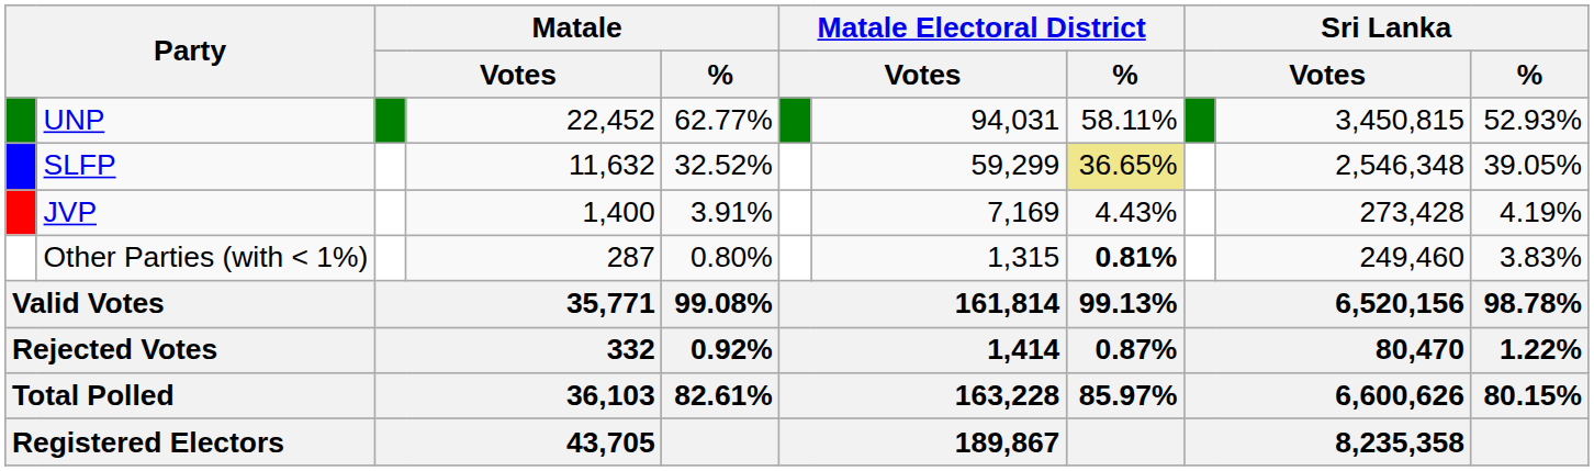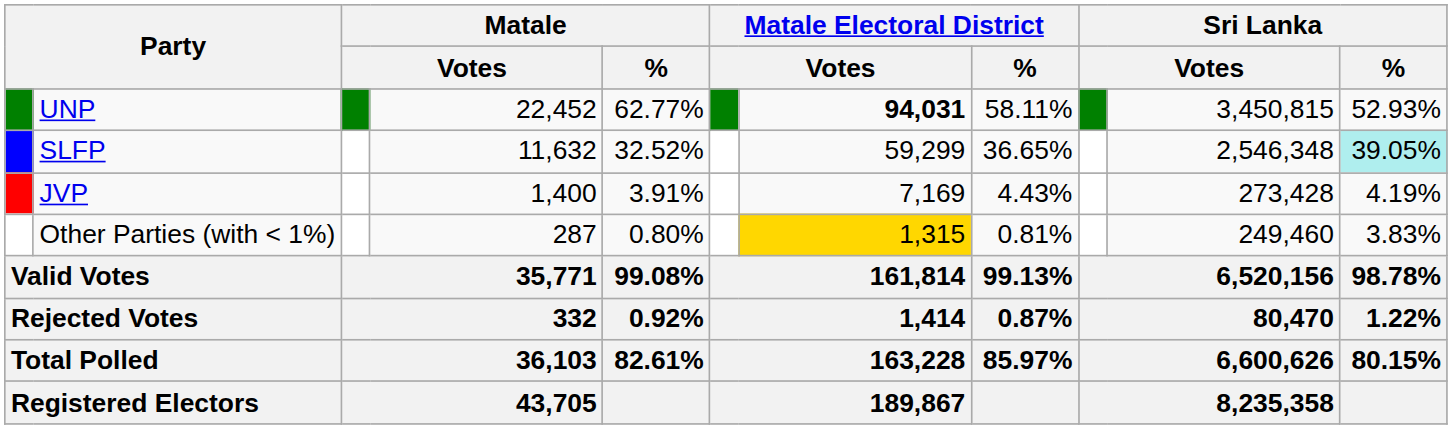 <table class="wikitable">
 <tr>
 <th colspan="2" width="144px"rowspan="2">Party</th>
 <th colspan="3" width="216px">Matale</th>
 <th colspan="3" width="216px"><a href='#'>Matale Electoral District</a></th>
 <th colspan="3" width="216px">Sri Lanka</th>
 </tr>
 <tr>
 <th colspan="2" width="144px">Votes</th>
 <th>%</th>
 <th colspan="2" width="144px">Votes</th>
 <th>%</th>
 <th colspan="2" width="144px">Votes</th>
 <th>%</th>
 </tr>
 <tr>
 <td style="background-color:green;" width="10px"></td>
 <td style="text-align:left;"><a href='#'>UNP</a></td>
 <td style="background-color:green;" width="10px"></td>
 <td style="text-align:right;">22,452</td>
 <td style="text-align:right;">62.77%</td>
 <td style="background-color:green;" width="10px"></td>
-<td style="text-align:right;">94,031</td>
+<td style="text-align:right;"><strong>94,031</strong></td>
 <td style="text-align:right;">58.11%</td>
 <td style="background-color:green;" width="10px"></td>
 <td style="text-align:right;">3,450,815</td>
 <td style="text-align:right;">52.93%</td>
 </tr>
 <tr>
 <td style="background-color:blue;" width="10px"></td>
 <td style="text-align:left;"><a href='#'>SLFP</a></td>
 <td style="background-color:white;" width="10px"></td>
 <td style="text-align:right;">11,632</td>
 <td style="text-align:right;">32.52%</td>
 <td style="background-color:white;" width="10px"></td>
 <td style="text-align:right;">59,299</td>
-<td style="background: khaki; text-align:right;">36.65%</td>
+<td style="text-align:right;">36.65%</td>
 <td style="background-color:white;" width="10px"></td>
 <td style="text-align:right;">2,546,348</td>
-<td style="text-align:right;">39.05%</td>
+<td style="background: paleturquoise; text-align:right;">39.05%</td>
 </tr>
 <tr>
 <td style="background-color:red;" width="10px"></td>
 <td style="text-align:left;"><a href='#'>JVP</a></td>
 <td style="background-color:white;" width="10px"></td>
 <td style="text-align:right;">1,400</td>
 <td style="text-align:right;">3.91%</td>
 <td style="background-color:white;" width="10px"></td>
 <td style="text-align:right;">7,169</td>
 <td style="text-align:right;">4.43%</td>
 <td style="background-color:white;" width="10px"></td>
 <td style="text-align:right;">273,428</td>
 <td style="text-align:right;">4.19%</td>
 </tr>
 <tr>
 <td style="background-color:white;" width="10px"></td>
 <td style="text-align:left;">Other Parties (with < 1%)</td>
 <td style="background-color:white;" width="10px"></td>
 <td style="text-align:right;">287</td>
 <td style="text-align:right;">0.80%</td>
 <td style="background-color:white;" width="10px"></td>
-<td style="text-align:right;">1,315</td>
-<td style="text-align:right;"><strong>0.81%</strong></td>
+<td style="background: gold; text-align:right;">1,315</td>
+<td style="text-align:right;">0.81%</td>
 <td style="background-color:white;" width="10px"></td>
 <td style="text-align:right;">249,460</td>
 <td style="text-align:right;">3.83%</td>
 </tr>
 <tr>
 <th colspan="2" width="144px"style="text-align:left;">Valid Votes</th>
 <th style="text-align:right;"colspan="2" width="144px">35,771</th>
 <th style="text-align:right;">99.08%</th>
 <th style="text-align:right;"colspan="2" width="144px">161,814</th>
 <th style="text-align:right;">99.13%</th>
 <th style="text-align:right;"colspan="2" width="144px">6,520,156</th>
 <th style="text-align:right;">98.78%</th>
 </tr>
 <tr>
 <th colspan="2" width="144px"style="text-align:left;">Rejected Votes</th>
 <th style="text-align:right;"colspan="2" width="144px">332</th>
 <th style="text-align:right;">0.92%</th>
 <th style="text-align:right;"colspan="2" width="144px">1,414</th>
 <th style="text-align:right;">0.87%</th>
 <th style="text-align:right;"colspan="2" width="144px">80,470</th>
 <th style="text-align:right;">1.22%</th>
 </tr>
 <tr>
 <th colspan="2" width="144px"style="text-align:left;">Total Polled</th>
 <th style="text-align:right;"colspan="2" width="144px">36,103</th>
 <th style="text-align:right;">82.61%</th>
 <th style="text-align:right;"colspan="2" width="144px">163,228</th>
 <th style="text-align:right;">85.97%</th>
 <th style="text-align:right;"colspan="2" width="144px">6,600,626</th>
 <th style="text-align:right;">80.15%</th>
 </tr>
 <tr>
 <th colspan="2" width="144px"style="text-align:left;">Registered Electors</th>
 <th style="text-align:right;"colspan="2" width="144px">43,705</th>
 <th></th>
 <th style="text-align:right;"colspan="2" width="144px">189,867</th>
 <th></th>
 <th style="text-align:right;"colspan="2" width="144px">8,235,358</th>
 <th></th>
 </tr>
 </table>
